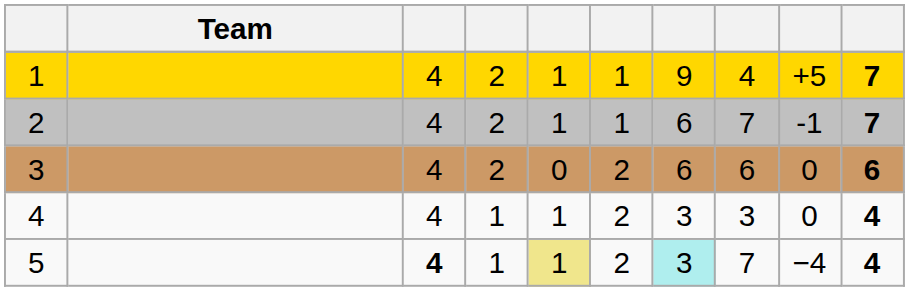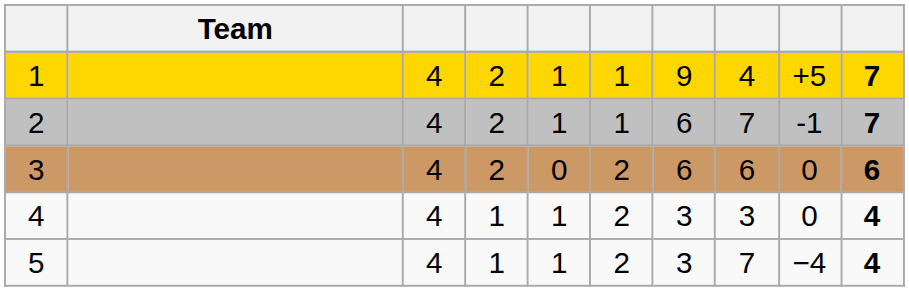 <table class="wikitable" style="font-size:95%;text-align:center">
 <tr>
 <th width=25></th>
 <th width=165>Team</th>
 <th width=25></th>
 <th width=25></th>
 <th width=25></th>
 <th width=25></th>
 <th width=25></th>
 <th width=25></th>
 <th width=25></th>
 <th width=25></th>
 </tr>
 <tr>
 </tr>
 <tr style="background:gold">
 <td>1</td>
 <td style="text-align:left"></td>
 <td>4</td>
 <td>2</td>
 <td>1</td>
 <td>1</td>
 <td>9</td>
 <td>4</td>
 <td>+5</td>
 <td><strong>7</strong></td>
 </tr>
 <tr style="background:silver">
 <td>2</td>
 <td style="text-align:left"></td>
 <td>4</td>
 <td>2</td>
 <td>1</td>
 <td>1</td>
 <td>6</td>
 <td>7</td>
 <td>-1</td>
 <td><strong>7</strong></td>
 </tr>
 <tr style="background:#c96">
 <td>3</td>
 <td style="text-align:left"></td>
 <td>4</td>
 <td>2</td>
 <td>0</td>
 <td>2</td>
 <td>6</td>
 <td>6</td>
 <td>0</td>
 <td><strong>6</strong></td>
 </tr>
 <tr>
 <td>4</td>
 <td style="text-align:left"></td>
 <td>4</td>
 <td>1</td>
 <td>1</td>
 <td>2</td>
 <td>3</td>
 <td>3</td>
 <td>0</td>
 <td><strong>4</strong></td>
 </tr>
 <tr>
 <td>5</td>
 <td style="text-align:left"></td>
-<td><strong>4</strong></td>
+<td>4</td>
 <td>1</td>
-<td style="background: khaki;">1</td>
+<td>1</td>
 <td>2</td>
-<td style="background: paleturquoise;">3</td>
+<td>3</td>
 <td>7</td>
 <td>−4</td>
 <td><strong>4</strong></td>
 </tr>
 </table>
